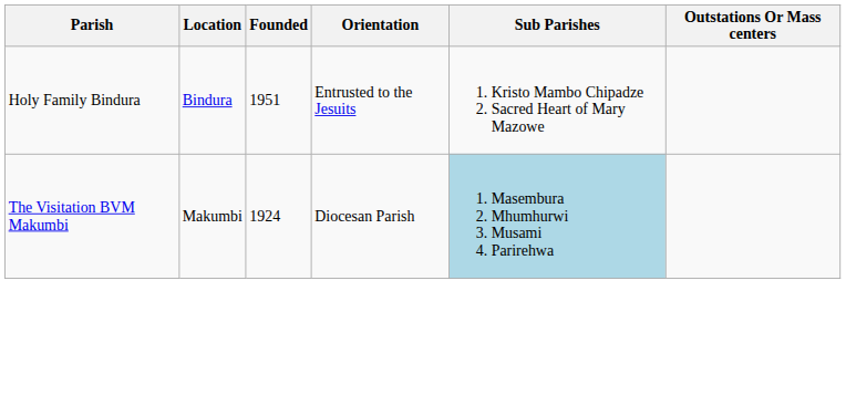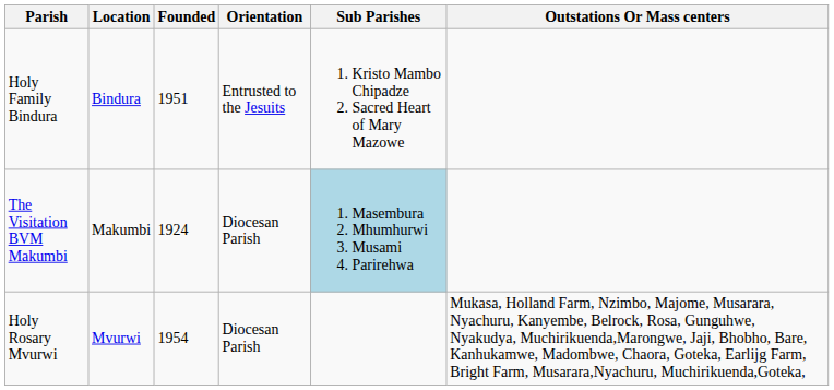 <table class="wikitable sortable">
 <tr>
 <th>Parish</th>
 <th>Location</th>
 <th>Founded</th>
 <th>Orientation</th>
 <th>Sub Parishes</th>
 <th>Outstations Or Mass centers</th>
 </tr>
 <tr>
 <td>Holy Family Bindura</td>
 <td><a href='#'>Bindura</a></td>
 <td>1951</td>
 <td>Entrusted to the <a href='#'>Jesuits</a></td>
 <td><br><ol><li>Kristo Mambo Chipadze</li><li>Sacred Heart of Mary Mazowe</li></ol></td>
 <td></td>
 </tr>
 <tr>
 <td><a href='#'>The Visitation BVM Makumbi</a></td>
 <td>Makumbi</td>
 <td>1924</td>
 <td>Diocesan Parish</td>
 <td style="background: lightblue;"><br><ol><li>Masembura</li><li>Mhumhurwi</li><li>Musami</li><li>Parirehwa</li></ol></td>
 <td></td>
 </tr>
+<tr>
+<td>Holy Rosary Mvurwi</td>
+<td><a href='#'>Mvurwi</a></td>
+<td>1954</td>
+<td>Diocesan Parish</td>
+<td></td>
+<td>Mukasa, Holland Farm, Nzimbo, Majome, Musarara, Nyachuru, Kanyembe, Belrock, Rosa, Gunguhwe, Nyakudya, Muchirikuenda,Marongwe, Jaji, Bhobho, Bare, Kanhukamwe, Madombwe, Chaora, Goteka, Earlijg Farm, Bright Farm, Musarara,Nyachuru, Muchirikuenda,Goteka,</td>
+</tr>
 </table>
